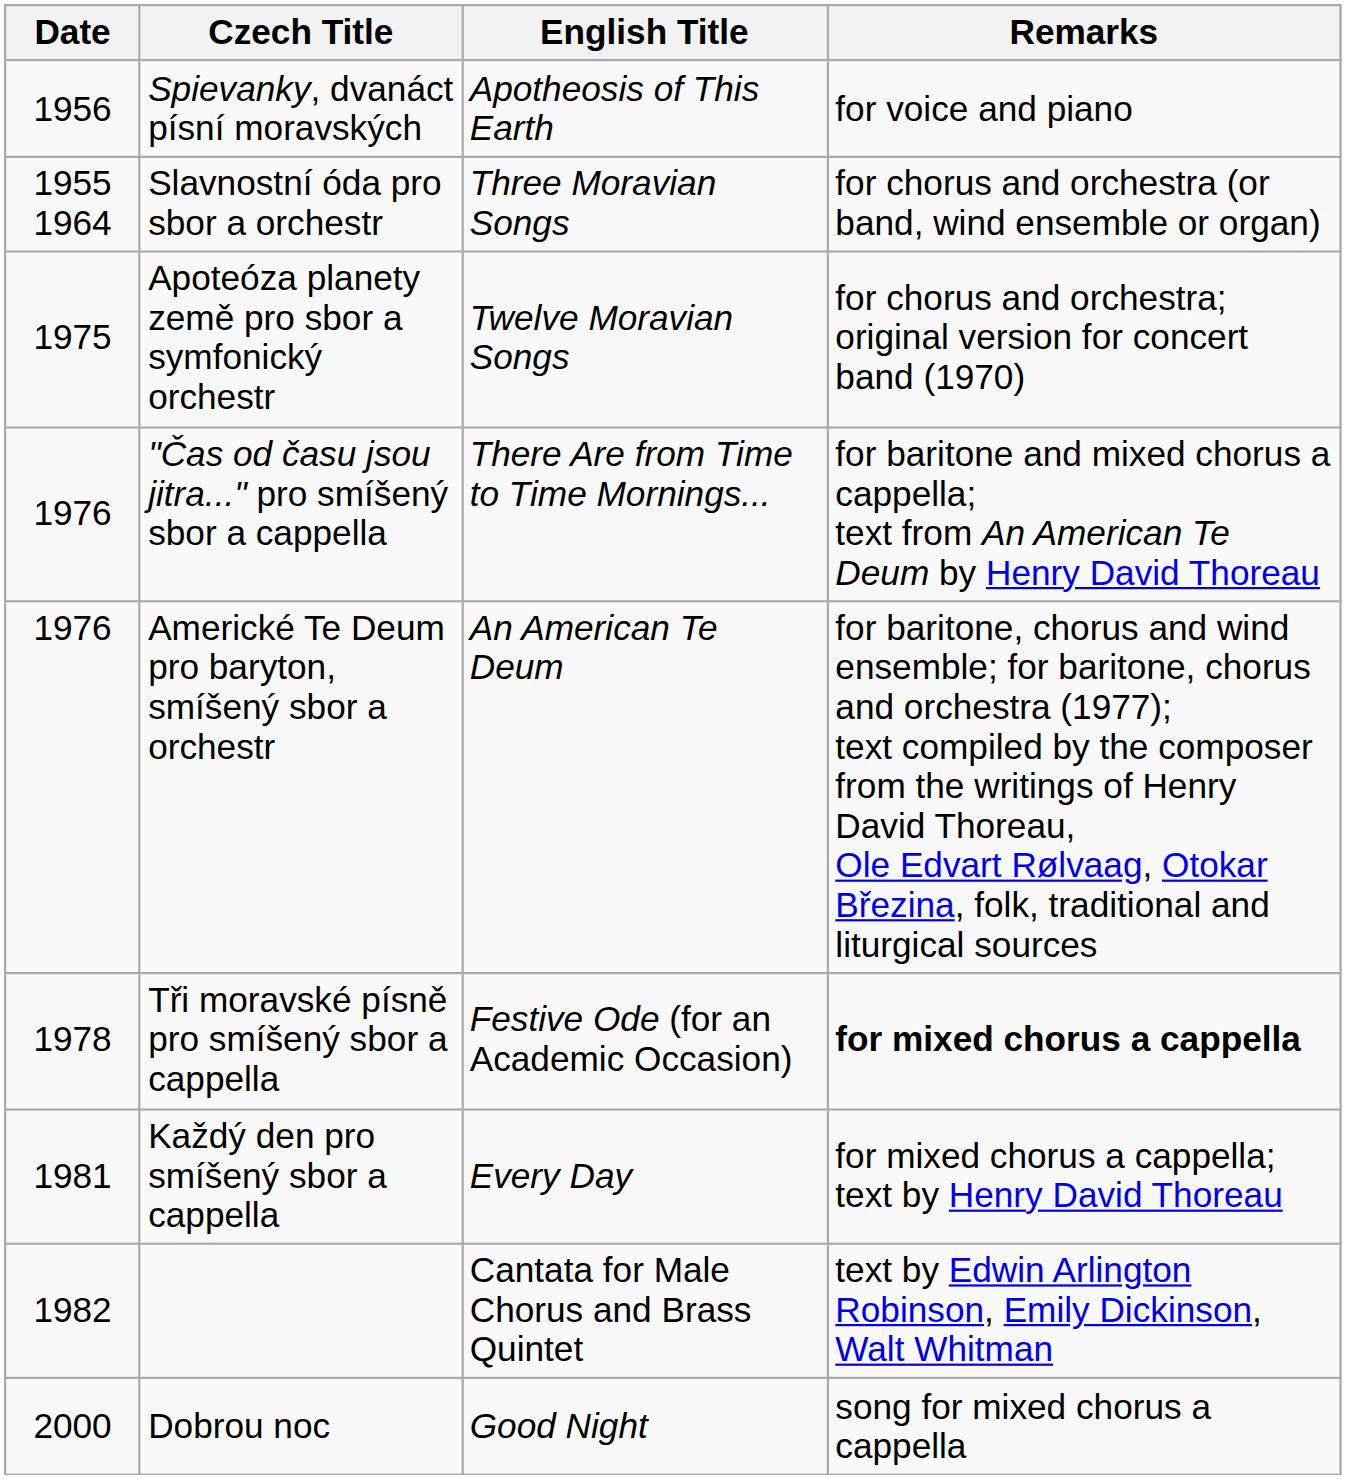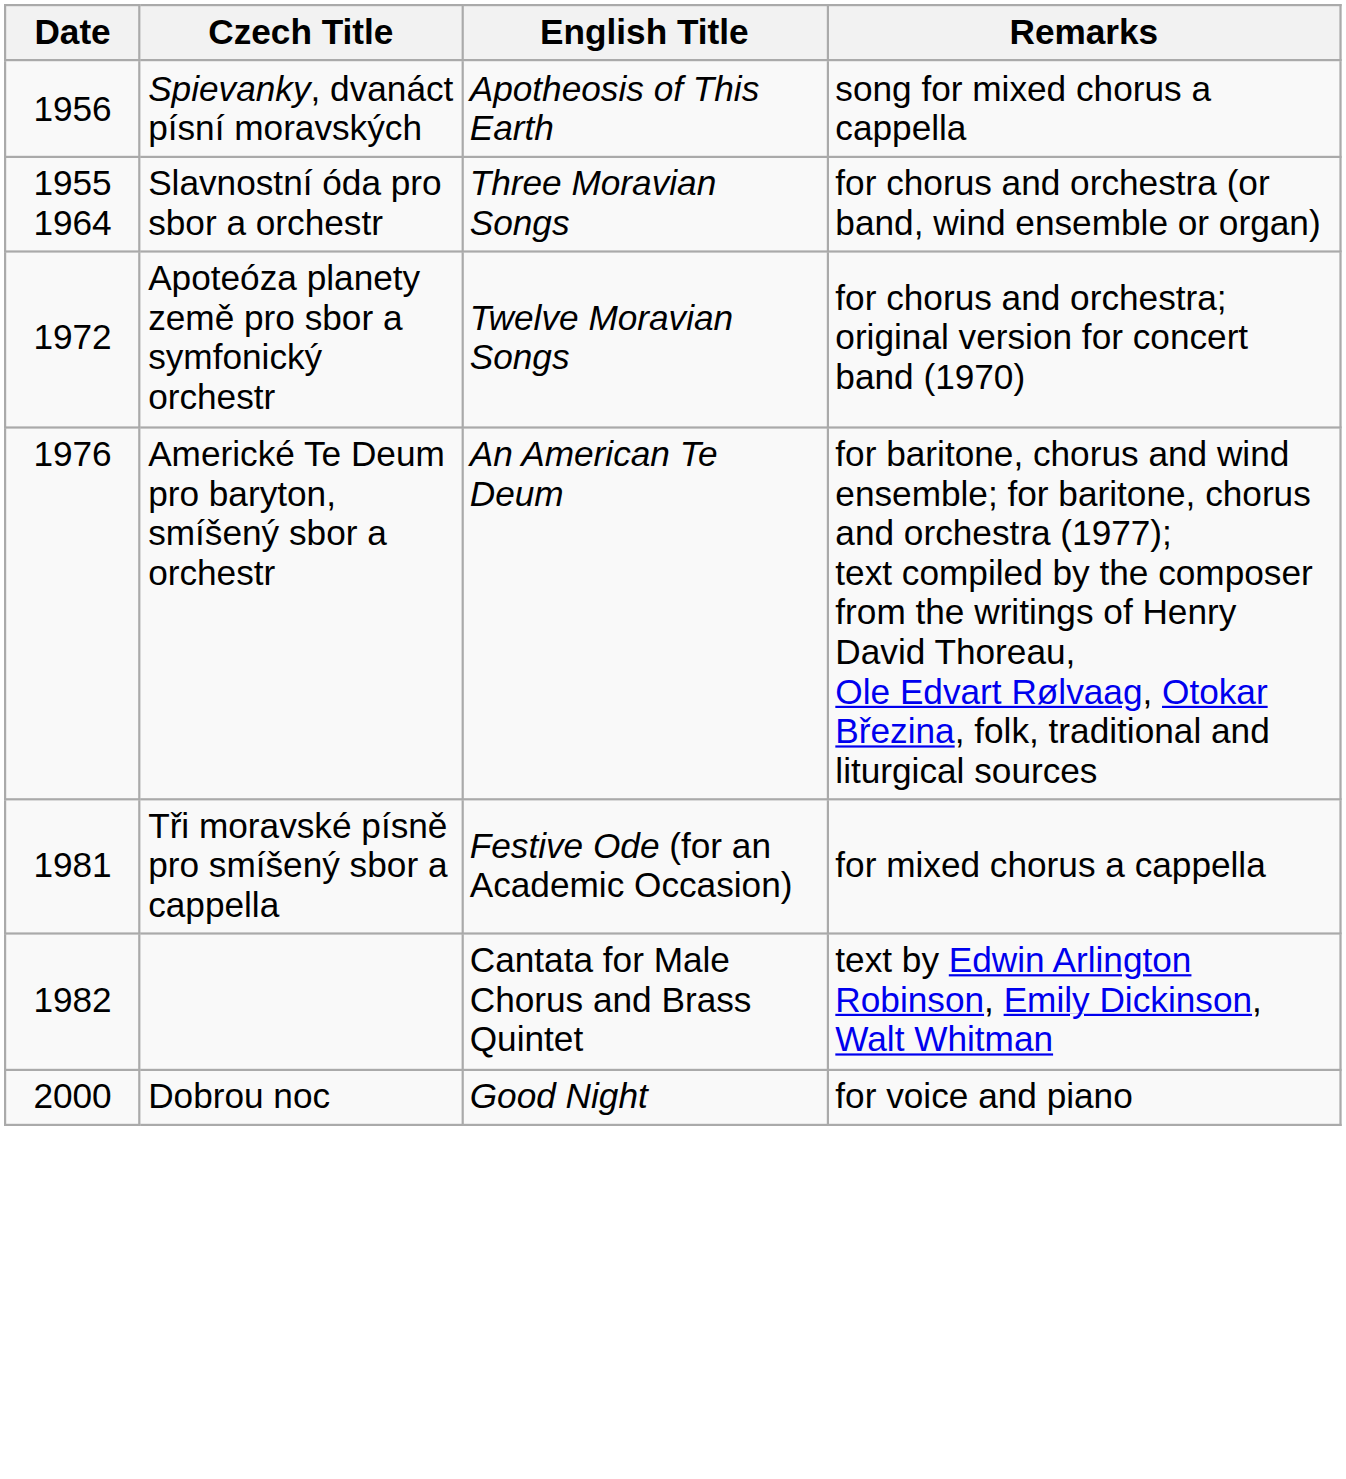 <table class="wikitable" style="margins:auto; width=95%;">
 <tr>
 <th width="75">Date</th>
 <th width="200">Czech Title</th>
 <th width="250">English Title</th>
 <th width="400">Remarks</th>
 </tr>
 <tr>
 <td align=center>1956</td>
 <td><em>Spievanky</em>, dvanáct písní moravských</td>
 <td><em>Apotheosis of This Earth</em></td>
-<td>for voice and piano</td>
+<td>song for mixed chorus a cappella</td>
 </tr>
 <tr>
 <td align=center>1955 <br> 1964</td>
 <td>Slavnostní óda pro sbor a orchestr</td>
 <td><em>Three Moravian Songs</em></td>
 <td>for chorus and orchestra (or band, wind ensemble or organ)</td>
 </tr>
 <tr>
-<td align=center>1975</td>
+<td align=center>1972</td>
 <td>Apoteóza planety země pro sbor a symfonický orchestr</td>
 <td><em>Twelve Moravian Songs</em></td>
 <td>for chorus and orchestra; original version for concert band (1970)</td>
-</tr>
-<tr>
-<td align=center>1976</td>
-<td valign="top"><em>"Čas od času jsou jitra..."</em> pro smíšený sbor a cappella</td>
-<td valign="top"><em>There Are from Time to Time Mornings...</em></td>
-<td>for baritone and mixed chorus a cappella; <br> text from <em>An American Te Deum</em> by <a href='#'>Henry David Thoreau</a></td>
 </tr>
 <tr>
 <td align=center valign="top">1976</td>
 <td valign="top">Americké Te Deum pro baryton, smíšený sbor a orchestr</td>
 <td valign="top"><em>An American Te Deum</em></td>
 <td>for baritone, chorus and wind ensemble; for baritone, chorus and orchestra (1977); <br> text compiled by the composer from the writings of Henry David Thoreau, <br> <a href='#'>Ole Edvart Rølvaag</a>, <a href='#'>Otokar Březina</a>, folk, traditional and liturgical sources</td>
 </tr>
 <tr>
-<td align=center>1978</td>
+<td align=center>1981</td>
 <td>Tři moravské písně pro smíšený sbor a cappella</td>
 <td><em>Festive Ode</em> (for an Academic Occasion)</td>
-<td><strong>for mixed chorus a cappella</strong></td>
-</tr>
-<tr>
-<td align=center>1981</td>
-<td>Každý den pro smíšený sbor a cappella</td>
-<td><em>Every Day</em></td>
-<td>for mixed chorus a cappella; text by <a href='#'>Henry David Thoreau</a></td>
+<td>for mixed chorus a cappella</td>
 </tr>
 <tr>
 <td align=center>1982</td>
 <td> </td>
 <td>Cantata for Male Chorus and Brass Quintet</td>
 <td>text by <a href='#'>Edwin Arlington Robinson</a>, <a href='#'>Emily Dickinson</a>, <a href='#'>Walt Whitman</a></td>
 </tr>
 <tr>
 <td align=center>2000</td>
 <td>Dobrou noc</td>
 <td><em>Good Night</em></td>
-<td>song for mixed chorus a cappella</td>
+<td>for voice and piano</td>
 </tr>
 </table>
